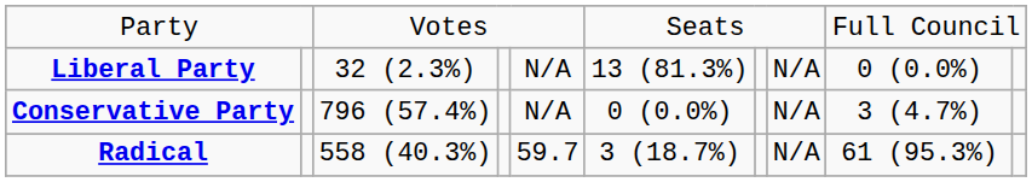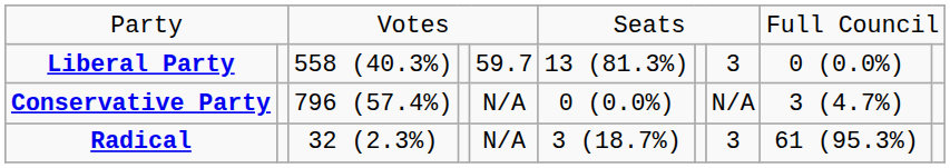 <table class=wikitable style="text-align:center;">
 <tr>
 <td colspan=2>Party</td>
 <td colspan=3>Votes</td>
 <td colspan=3>Seats</td>
 <td colspan=3>Full Council</td>
 </tr>
 <tr>
 <td><strong><a href='#'>Liberal Party</a></strong></td>
 <td style="background:"></td>
-<td>32 (2.3%)</td>
+<td>558 (40.3%)</td>
 <td></td>
-<td>N/A</td>
+<td> 59.7</td>
 <td>13 (81.3%)</td>
 <td></td>
-<td>N/A</td>
+<td> 3</td>
 <td>0 (0.0%)</td>
 <td></td>
 </tr>
 <tr>
 <td><strong><a href='#'>Conservative Party</a></strong></td>
 <td style="background:"></td>
 <td>796 (57.4%)</td>
 <td></td>
 <td>N/A</td>
 <td>0 (0.0%)</td>
 <td></td>
 <td>N/A</td>
 <td>3 (4.7%)</td>
 <td></td>
 </tr>
 <tr>
 <td><strong><a href='#'>Radical</a></strong></td>
 <td style="background:"></td>
-<td>558 (40.3%)</td>
+<td>32 (2.3%)</td>
 <td></td>
-<td> 59.7</td>
+<td>N/A</td>
 <td>3 (18.7%)</td>
 <td></td>
-<td>N/A</td>
+<td> 3</td>
 <td>61 (95.3%)</td>
 <td></td>
 </tr>
 </table>
